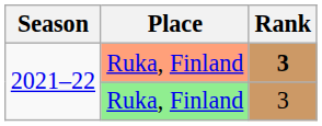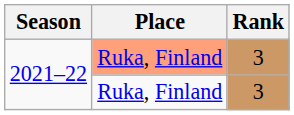 <table class="wikitable sortable" style="text-align:center;">
 <tr>
 <th>Season</th>
 <th>Place</th>
 <th>Rank</th>
 </tr>
 <tr>
 <td rowspan="2"><a href='#'>2021–22</a></td>
 <td style="background: lightsalmon; text-align:left;"> <a href='#'>Ruka</a>, <a href='#'>Finland</a></td>
-<td bgcolor="cc9966"><strong>3</strong></td>
+<td bgcolor="cc9966">3</td>
 </tr>
 <tr>
-<td style="background: lightgreen; text-align:left;"> <a href='#'>Ruka</a>, <a href='#'>Finland</a></td>
+<td style="text-align:left;"> <a href='#'>Ruka</a>, <a href='#'>Finland</a></td>
 <td bgcolor="cc9966">3</td>
 </tr>
 </table>
